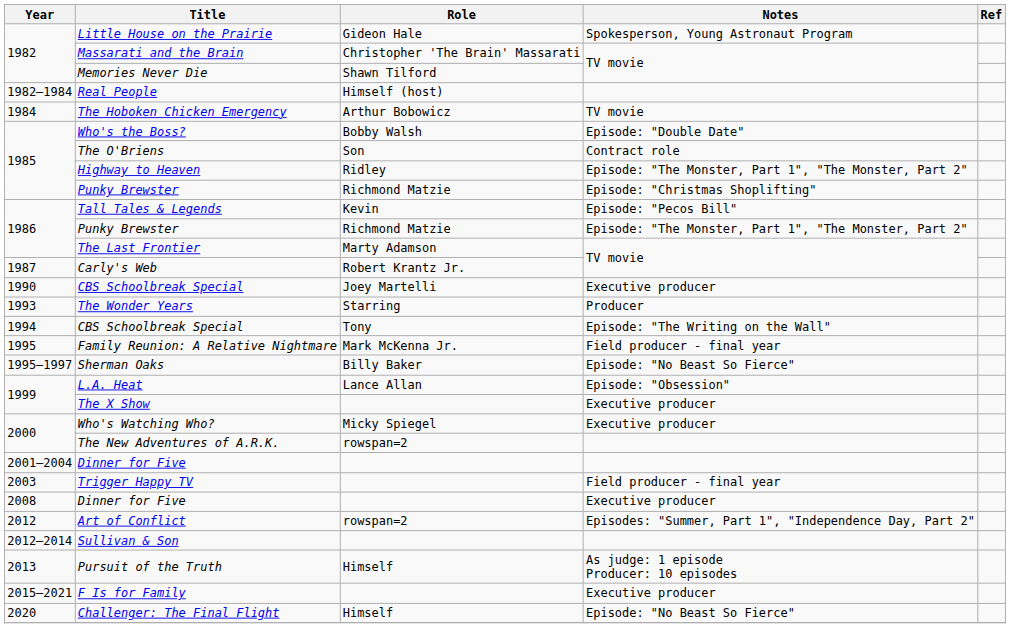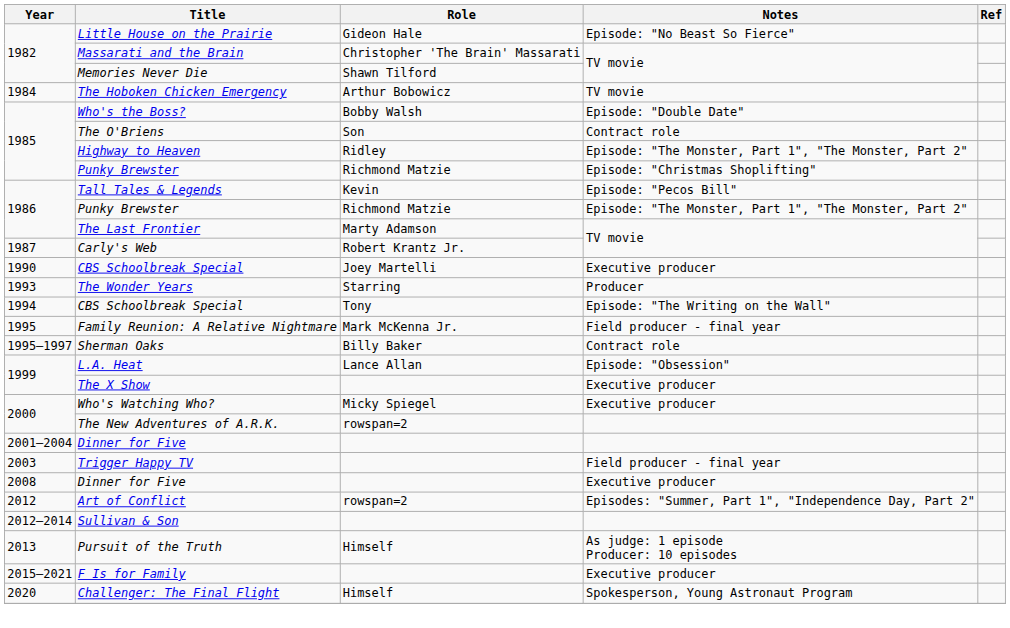 <table class="wikitable sortable">
 <tr>
 <th>Year</th>
 <th>Title</th>
 <th>Role</th>
 <th>Notes</th>
 <th>Ref</th>
 </tr>
 <tr>
 <td rowspan="3">1982</td>
 <td><em><a href='#'>Little House on the Prairie</a></em></td>
 <td>Gideon Hale</td>
-<td>Spokesperson, Young Astronaut Program</td>
+<td>Episode: "No Beast So Fierce"</td>
 <td></td>
 </tr>
 <tr>
 <td><em><a href='#'>Massarati and the Brain</a></em></td>
 <td>Christopher 'The Brain' Massarati</td>
 <td rowspan=2>TV movie</td>
 <td></td>
 </tr>
 <tr>
 <td><em>Memories Never Die</em></td>
 <td>Shawn Tilford</td>
-<td></td>
-</tr>
-<tr>
-<td>1982–1984</td>
-<td><em><a href='#'>Real People</a></em></td>
-<td>Himself (host)</td>
-<td></td>
 <td></td>
 </tr>
 <tr>
 <td>1984</td>
 <td><em><a href='#'>The Hoboken Chicken Emergency</a></em></td>
 <td>Arthur Bobowicz</td>
 <td>TV movie</td>
 <td></td>
 </tr>
 <tr>
 <td rowspan="4">1985</td>
 <td><em><a href='#'>Who's the Boss?</a></em></td>
 <td>Bobby Walsh</td>
 <td>Episode: "Double Date"</td>
 <td></td>
 </tr>
 <tr>
 <td><em>The O'Briens</em></td>
 <td>Son</td>
 <td>Contract role</td>
 <td></td>
 </tr>
 <tr>
 <td><em><a href='#'>Highway to Heaven</a></em></td>
 <td>Ridley</td>
 <td>Episode: "The Monster, Part 1", "The Monster, Part 2"</td>
 <td></td>
 </tr>
 <tr>
 <td><em><a href='#'>Punky Brewster</a></em></td>
 <td>Richmond Matzie</td>
 <td>Episode: "Christmas Shoplifting"</td>
 <td></td>
 </tr>
 <tr>
 <td rowspan="3">1986</td>
 <td><em><a href='#'>Tall Tales & Legends</a></em></td>
 <td>Kevin</td>
 <td>Episode: "Pecos Bill"</td>
 <td></td>
 </tr>
 <tr>
 <td><em>Punky Brewster</em></td>
 <td>Richmond Matzie</td>
 <td>Episode: "The Monster, Part 1", "The Monster, Part 2"</td>
 <td></td>
 </tr>
 <tr>
 <td><em><a href='#'>The Last Frontier</a></em></td>
 <td>Marty Adamson</td>
 <td rowspan=2>TV movie</td>
 <td></td>
 </tr>
 <tr>
 <td>1987</td>
 <td><em>Carly's Web</em></td>
 <td>Robert Krantz Jr.</td>
 <td></td>
 </tr>
 <tr>
 <td>1990</td>
 <td><em><a href='#'>CBS Schoolbreak Special</a></em></td>
 <td>Joey Martelli</td>
 <td>Executive producer</td>
 <td></td>
 </tr>
 <tr>
 <td>1993</td>
 <td><em><a href='#'>The Wonder Years</a></em></td>
 <td>Starring</td>
 <td>Producer</td>
 <td></td>
 </tr>
 <tr>
 <td>1994</td>
 <td><em>CBS Schoolbreak Special</em></td>
 <td>Tony</td>
 <td>Episode: "The Writing on the Wall"</td>
 <td></td>
 </tr>
 <tr>
 <td>1995</td>
 <td><em>Family Reunion: A Relative Nightmare</em></td>
 <td>Mark McKenna Jr.</td>
 <td>Field producer - final year</td>
 <td></td>
 </tr>
 <tr>
 <td>1995–1997</td>
 <td><em>Sherman Oaks</em></td>
 <td>Billy Baker</td>
-<td>Episode: "No Beast So Fierce"</td>
+<td>Contract role</td>
 <td></td>
 </tr>
 <tr>
 <td rowspan="2">1999</td>
 <td><em><a href='#'>L.A. Heat</a></em></td>
 <td>Lance Allan</td>
 <td>Episode: "Obsession"</td>
 <td></td>
 </tr>
 <tr>
 <td><em><a href='#'>The X Show</a></em></td>
 <td></td>
 <td>Executive producer</td>
 <td></td>
 </tr>
 <tr>
 <td rowspan="2">2000</td>
 <td><em>Who's Watching Who?</em></td>
 <td>Micky Spiegel</td>
 <td>Executive producer</td>
 <td></td>
 </tr>
 <tr>
 <td><em>The New Adventures of A.R.K.</em></td>
 <td>rowspan=2</td>
 <td></td>
 <td></td>
 </tr>
 <tr>
 <td>2001–2004</td>
 <td><em><a href='#'>Dinner for Five</a></em></td>
 <td></td>
 <td></td>
 </tr>
 <tr>
 <td>2003</td>
 <td><em><a href='#'>Trigger Happy TV</a></em></td>
 <td></td>
 <td>Field producer - final year</td>
 <td></td>
 </tr>
 <tr>
 <td>2008</td>
 <td><em>Dinner for Five</em></td>
 <td></td>
 <td>Executive producer</td>
 <td></td>
 </tr>
 <tr>
 <td>2012</td>
 <td><em><a href='#'>Art of Conflict</a></em></td>
 <td>rowspan=2</td>
 <td>Episodes: "Summer, Part 1", "Independence Day, Part 2"</td>
 <td></td>
 </tr>
 <tr>
 <td>2012–2014</td>
 <td><em><a href='#'>Sullivan & Son</a></em></td>
 <td></td>
 <td></td>
 </tr>
 <tr>
 <td>2013</td>
 <td><em>Pursuit of the Truth</em></td>
 <td>Himself</td>
 <td>As judge: 1 episode<br>Producer: 10 episodes</td>
 <td></td>
 </tr>
 <tr>
 <td>2015–2021</td>
 <td><em><a href='#'>F Is for Family</a></em></td>
 <td></td>
 <td>Executive producer</td>
 <td></td>
 </tr>
 <tr>
 <td>2020</td>
 <td><em><a href='#'>Challenger: The Final Flight</a></em></td>
 <td>Himself</td>
-<td>Episode: "No Beast So Fierce"</td>
+<td>Spokesperson, Young Astronaut Program</td>
 <td></td>
 </tr>
 <tr>
 </tr>
 </table>
